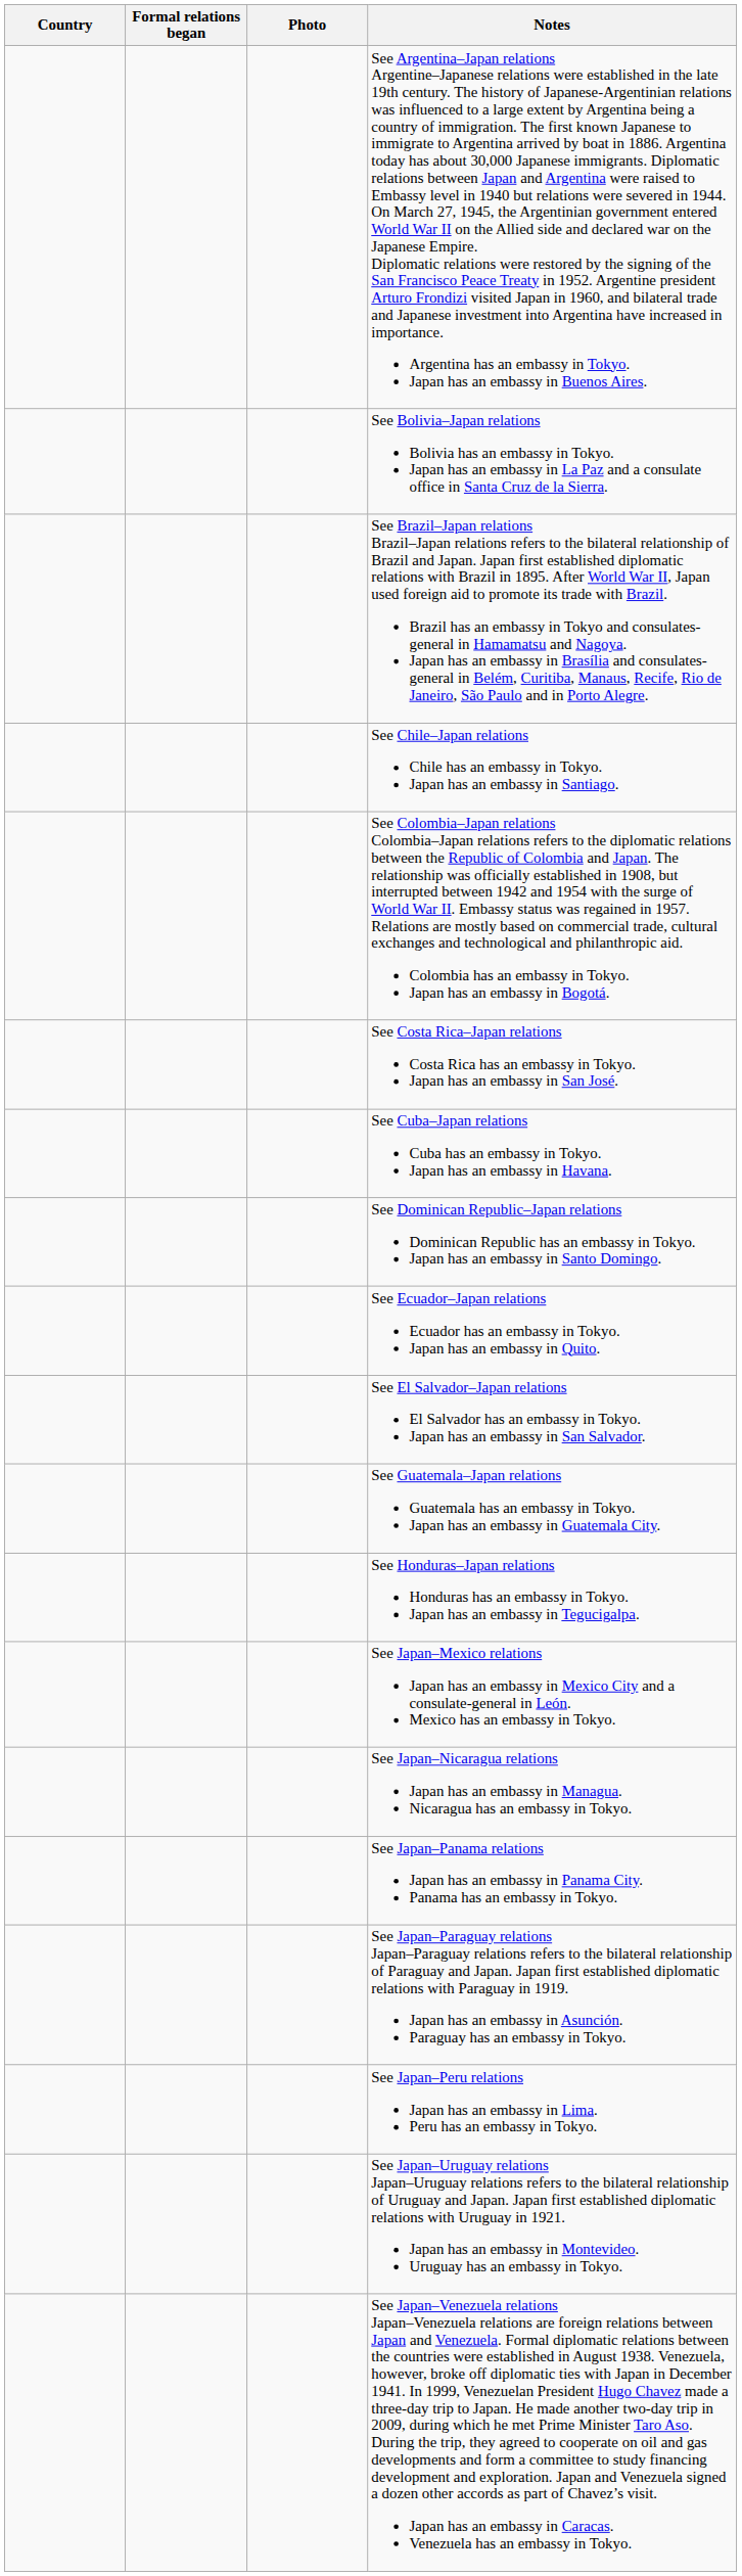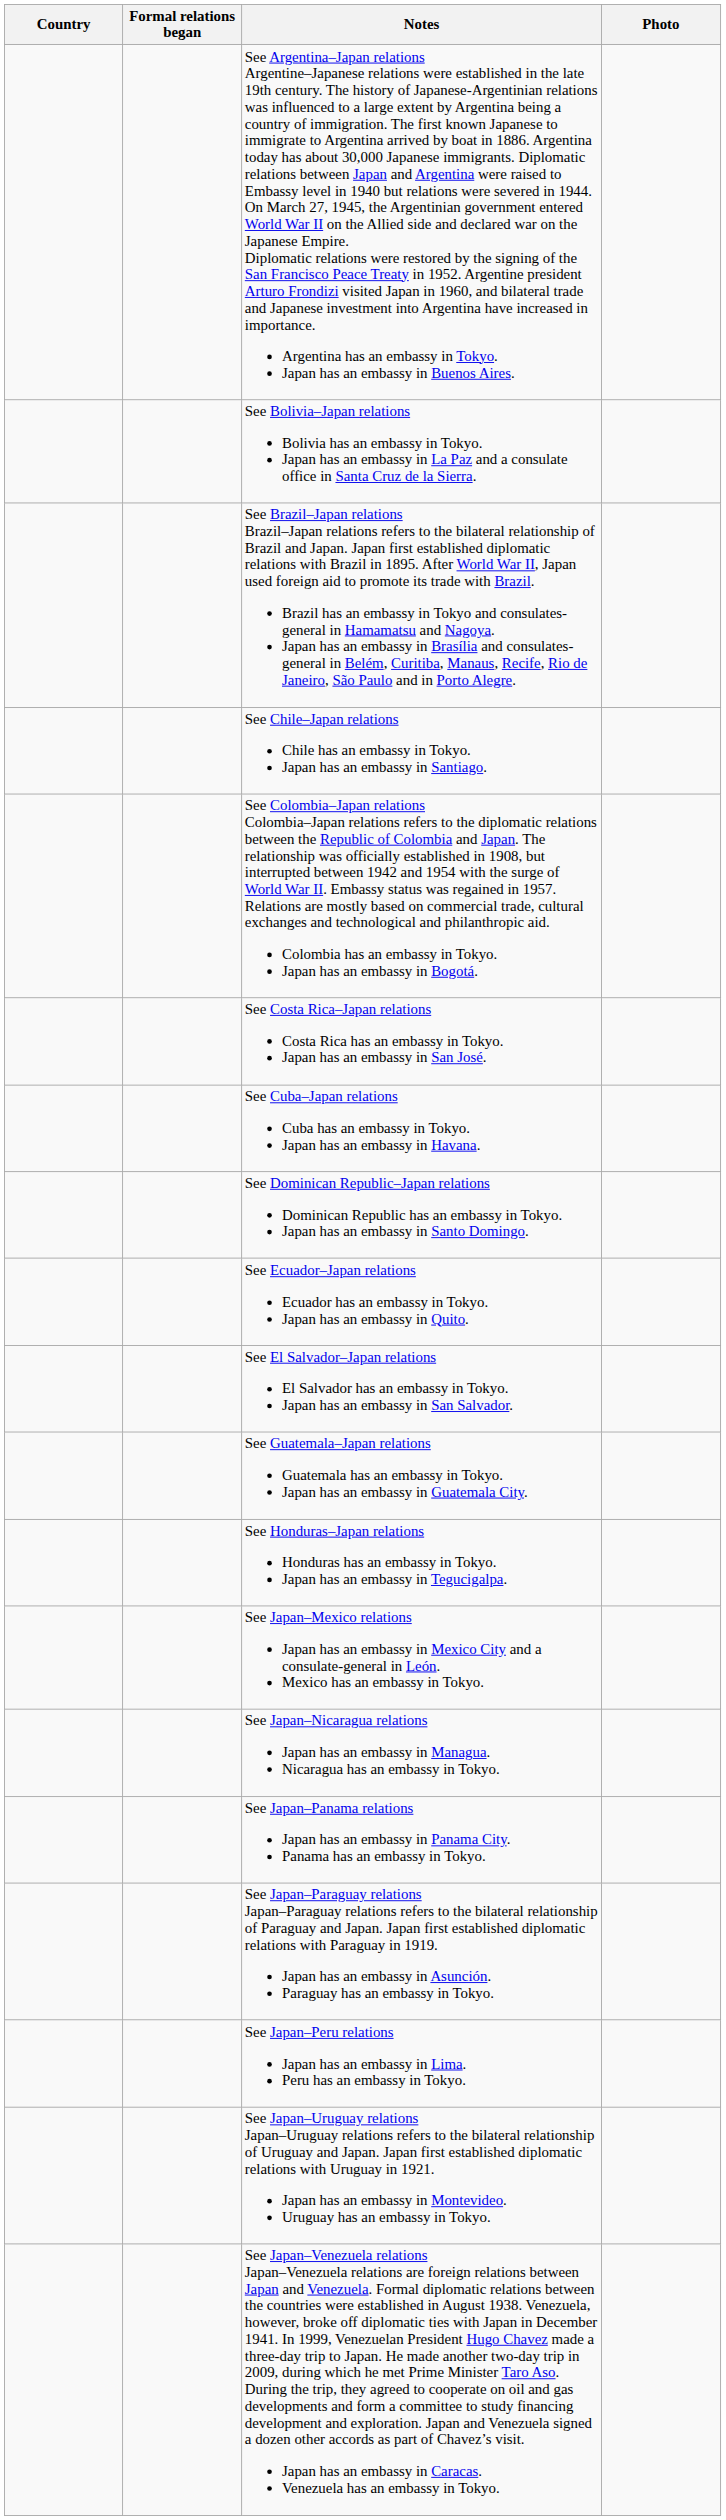 <table class="wikitable sortable">
 <tr>
 <th width=120px>Country</th>
 <th width=120px>Formal relations began</th>
+<th width=380px>Notes</th>
 <th width=120px>Photo</th>
-<th width=380px>Notes</th>
 </tr>
 <tr>
 <td></td>
 <td></td>
+<td>See <a href='#'>Argentina–Japan relations</a><br>Argentine–Japanese relations were established in the late 19th century. The history of Japanese-Argentinian relations was influenced to a large extent by Argentina being a country of immigration. The first known Japanese to immigrate to Argentina arrived by boat in 1886. Argentina today has about 30,000 Japanese immigrants. Diplomatic relations between <a href='#'>Japan</a> and <a href='#'>Argentina</a> were raised to Embassy level in 1940 but relations were severed in 1944. On March 27, 1945, the Argentinian government entered <a href='#'>World War II</a> on the Allied side and declared war on the Japanese Empire.<br>Diplomatic relations were restored by the signing of the <a href='#'>San Francisco Peace Treaty</a> in 1952. Argentine president <a href='#'>Arturo Frondizi</a> visited Japan in 1960, and bilateral trade and Japanese investment into Argentina have increased in importance.<ul><li>Argentina has an embassy in <a href='#'>Tokyo</a>.</li><li>Japan has an embassy in <a href='#'>Buenos Aires</a>.</li></ul></td>
 <td></td>
-<td>See <a href='#'>Argentina–Japan relations</a><br>Argentine–Japanese relations were established in the late 19th century. The history of Japanese-Argentinian relations was influenced to a large extent by Argentina being a country of immigration. The first known Japanese to immigrate to Argentina arrived by boat in 1886. Argentina today has about 30,000 Japanese immigrants. Diplomatic relations between <a href='#'>Japan</a> and <a href='#'>Argentina</a> were raised to Embassy level in 1940 but relations were severed in 1944. On March 27, 1945, the Argentinian government entered <a href='#'>World War II</a> on the Allied side and declared war on the Japanese Empire.<br>Diplomatic relations were restored by the signing of the <a href='#'>San Francisco Peace Treaty</a> in 1952. Argentine president <a href='#'>Arturo Frondizi</a> visited Japan in 1960, and bilateral trade and Japanese investment into Argentina have increased in importance.<ul><li>Argentina has an embassy in <a href='#'>Tokyo</a>.</li><li>Japan has an embassy in <a href='#'>Buenos Aires</a>.</li></ul></td>
 </tr>
 <tr>
 <td></td>
 <td></td>
+<td>See <a href='#'>Bolivia–Japan relations</a><br><ul><li>Bolivia has an embassy in Tokyo.</li><li>Japan has an embassy in <a href='#'>La Paz</a> and a consulate office in <a href='#'>Santa Cruz de la Sierra</a>.</li></ul></td>
 <td></td>
-<td>See <a href='#'>Bolivia–Japan relations</a><br><ul><li>Bolivia has an embassy in Tokyo.</li><li>Japan has an embassy in <a href='#'>La Paz</a> and a consulate office in <a href='#'>Santa Cruz de la Sierra</a>.</li></ul></td>
 </tr>
 <tr>
 <td></td>
 <td></td>
+<td>See <a href='#'>Brazil–Japan relations</a><br>Brazil–Japan relations refers to the bilateral relationship of Brazil and Japan. Japan first established diplomatic relations with Brazil in 1895. After <a href='#'>World War II</a>, Japan used foreign aid to promote its trade with <a href='#'>Brazil</a>.<ul><li>Brazil has an embassy in Tokyo and consulates-general in <a href='#'>Hamamatsu</a> and <a href='#'>Nagoya</a>.</li><li>Japan has an embassy in <a href='#'>Brasília</a> and consulates-general in <a href='#'>Belém</a>, <a href='#'>Curitiba</a>, <a href='#'>Manaus</a>, <a href='#'>Recife</a>, <a href='#'>Rio de Janeiro</a>, <a href='#'>São Paulo</a> and in <a href='#'>Porto Alegre</a>.</li></ul></td>
 <td></td>
-<td>See <a href='#'>Brazil–Japan relations</a><br>Brazil–Japan relations refers to the bilateral relationship of Brazil and Japan. Japan first established diplomatic relations with Brazil in 1895. After <a href='#'>World War II</a>, Japan used foreign aid to promote its trade with <a href='#'>Brazil</a>.<ul><li>Brazil has an embassy in Tokyo and consulates-general in <a href='#'>Hamamatsu</a> and <a href='#'>Nagoya</a>.</li><li>Japan has an embassy in <a href='#'>Brasília</a> and consulates-general in <a href='#'>Belém</a>, <a href='#'>Curitiba</a>, <a href='#'>Manaus</a>, <a href='#'>Recife</a>, <a href='#'>Rio de Janeiro</a>, <a href='#'>São Paulo</a> and in <a href='#'>Porto Alegre</a>.</li></ul></td>
 </tr>
 <tr>
 <td></td>
 <td></td>
+<td>See <a href='#'>Chile–Japan relations</a><br><ul><li>Chile has an embassy in Tokyo.</li><li>Japan has an embassy in <a href='#'>Santiago</a>.</li></ul></td>
 <td></td>
-<td>See <a href='#'>Chile–Japan relations</a><br><ul><li>Chile has an embassy in Tokyo.</li><li>Japan has an embassy in <a href='#'>Santiago</a>.</li></ul></td>
 </tr>
 <tr>
 <td></td>
 <td></td>
+<td>See <a href='#'>Colombia–Japan relations</a><br>Colombia–Japan relations refers to the diplomatic relations between the <a href='#'>Republic of Colombia</a> and <a href='#'>Japan</a>. The relationship was officially established in 1908, but interrupted between 1942 and 1954 with the surge of <a href='#'>World War II</a>. Embassy status was regained in 1957. Relations are mostly based on commercial trade, cultural exchanges and technological and philanthropic aid.<ul><li>Colombia has an embassy in Tokyo.</li><li>Japan has an embassy in <a href='#'>Bogotá</a>.</li></ul></td>
 <td></td>
-<td>See <a href='#'>Colombia–Japan relations</a><br>Colombia–Japan relations refers to the diplomatic relations between the <a href='#'>Republic of Colombia</a> and <a href='#'>Japan</a>. The relationship was officially established in 1908, but interrupted between 1942 and 1954 with the surge of <a href='#'>World War II</a>. Embassy status was regained in 1957. Relations are mostly based on commercial trade, cultural exchanges and technological and philanthropic aid.<ul><li>Colombia has an embassy in Tokyo.</li><li>Japan has an embassy in <a href='#'>Bogotá</a>.</li></ul></td>
 </tr>
 <tr>
 <td></td>
 <td></td>
+<td>See <a href='#'>Costa Rica–Japan relations</a><br><ul><li>Costa Rica has an embassy in Tokyo.</li><li>Japan has an embassy in <a href='#'>San José</a>.</li></ul></td>
 <td></td>
-<td>See <a href='#'>Costa Rica–Japan relations</a><br><ul><li>Costa Rica has an embassy in Tokyo.</li><li>Japan has an embassy in <a href='#'>San José</a>.</li></ul></td>
 </tr>
 <tr>
 <td></td>
 <td></td>
+<td>See <a href='#'>Cuba–Japan relations</a><br><ul><li>Cuba has an embassy in Tokyo.</li><li>Japan has an embassy in <a href='#'>Havana</a>.</li></ul></td>
 <td></td>
-<td>See <a href='#'>Cuba–Japan relations</a><br><ul><li>Cuba has an embassy in Tokyo.</li><li>Japan has an embassy in <a href='#'>Havana</a>.</li></ul></td>
 </tr>
 <tr>
 <td></td>
 <td></td>
+<td>See <a href='#'>Dominican Republic–Japan relations</a><br><ul><li>Dominican Republic has an embassy in Tokyo.</li><li>Japan has an embassy in <a href='#'>Santo Domingo</a>.</li></ul></td>
 <td></td>
-<td>See <a href='#'>Dominican Republic–Japan relations</a><br><ul><li>Dominican Republic has an embassy in Tokyo.</li><li>Japan has an embassy in <a href='#'>Santo Domingo</a>.</li></ul></td>
 </tr>
 <tr>
 <td></td>
 <td></td>
+<td>See <a href='#'>Ecuador–Japan relations</a><br><ul><li>Ecuador has an embassy in Tokyo.</li><li>Japan has an embassy in <a href='#'>Quito</a>.</li></ul></td>
 <td></td>
-<td>See <a href='#'>Ecuador–Japan relations</a><br><ul><li>Ecuador has an embassy in Tokyo.</li><li>Japan has an embassy in <a href='#'>Quito</a>.</li></ul></td>
 </tr>
 <tr>
 <td></td>
 <td></td>
+<td>See <a href='#'>El Salvador–Japan relations</a><br><ul><li>El Salvador has an embassy in Tokyo.</li><li>Japan has an embassy in <a href='#'>San Salvador</a>.</li></ul></td>
 <td></td>
-<td>See <a href='#'>El Salvador–Japan relations</a><br><ul><li>El Salvador has an embassy in Tokyo.</li><li>Japan has an embassy in <a href='#'>San Salvador</a>.</li></ul></td>
 </tr>
 <tr>
 <td></td>
 <td></td>
+<td>See <a href='#'>Guatemala–Japan relations</a><br><ul><li>Guatemala has an embassy in Tokyo.</li><li>Japan has an embassy in <a href='#'>Guatemala City</a>.</li></ul></td>
 <td></td>
-<td>See <a href='#'>Guatemala–Japan relations</a><br><ul><li>Guatemala has an embassy in Tokyo.</li><li>Japan has an embassy in <a href='#'>Guatemala City</a>.</li></ul></td>
 </tr>
 <tr>
 <td></td>
 <td></td>
+<td>See <a href='#'>Honduras–Japan relations</a><br><ul><li>Honduras has an embassy in Tokyo.</li><li>Japan has an embassy in <a href='#'>Tegucigalpa</a>.</li></ul></td>
 <td></td>
-<td>See <a href='#'>Honduras–Japan relations</a><br><ul><li>Honduras has an embassy in Tokyo.</li><li>Japan has an embassy in <a href='#'>Tegucigalpa</a>.</li></ul></td>
 </tr>
 <tr>
 <td></td>
 <td></td>
+<td>See <a href='#'>Japan–Mexico relations</a><br><ul><li>Japan has an embassy in <a href='#'>Mexico City</a> and a consulate-general in <a href='#'>León</a>.</li><li>Mexico has an embassy in Tokyo.</li></ul></td>
 <td></td>
-<td>See <a href='#'>Japan–Mexico relations</a><br><ul><li>Japan has an embassy in <a href='#'>Mexico City</a> and a consulate-general in <a href='#'>León</a>.</li><li>Mexico has an embassy in Tokyo.</li></ul></td>
 </tr>
 <tr>
 <td></td>
 <td></td>
+<td>See <a href='#'>Japan–Nicaragua relations</a><br><ul><li>Japan has an embassy in <a href='#'>Managua</a>.</li><li>Nicaragua has an embassy in Tokyo.</li></ul></td>
 <td></td>
-<td>See <a href='#'>Japan–Nicaragua relations</a><br><ul><li>Japan has an embassy in <a href='#'>Managua</a>.</li><li>Nicaragua has an embassy in Tokyo.</li></ul></td>
 </tr>
 <tr>
 <td></td>
 <td></td>
+<td>See <a href='#'>Japan–Panama relations</a><br><ul><li>Japan has an embassy in <a href='#'>Panama City</a>.</li><li>Panama has an embassy in Tokyo.</li></ul></td>
 <td></td>
-<td>See <a href='#'>Japan–Panama relations</a><br><ul><li>Japan has an embassy in <a href='#'>Panama City</a>.</li><li>Panama has an embassy in Tokyo.</li></ul></td>
 </tr>
 <tr>
 <td></td>
 <td></td>
+<td>See <a href='#'>Japan–Paraguay relations</a><br>Japan–Paraguay relations refers to the bilateral relationship of Paraguay and Japan. Japan first established diplomatic relations with Paraguay in 1919.<ul><li>Japan has an embassy in <a href='#'>Asunción</a>.</li><li>Paraguay has an embassy in Tokyo.</li></ul></td>
 <td></td>
-<td>See <a href='#'>Japan–Paraguay relations</a><br>Japan–Paraguay relations refers to the bilateral relationship of Paraguay and Japan. Japan first established diplomatic relations with Paraguay in 1919.<ul><li>Japan has an embassy in <a href='#'>Asunción</a>.</li><li>Paraguay has an embassy in Tokyo.</li></ul></td>
 </tr>
 <tr>
 <td></td>
 <td></td>
+<td>See <a href='#'>Japan–Peru relations</a><br><ul><li>Japan has an embassy in <a href='#'>Lima</a>.</li><li>Peru has an embassy in Tokyo.</li></ul></td>
 <td></td>
-<td>See <a href='#'>Japan–Peru relations</a><br><ul><li>Japan has an embassy in <a href='#'>Lima</a>.</li><li>Peru has an embassy in Tokyo.</li></ul></td>
 </tr>
 <tr>
 <td></td>
 <td></td>
+<td>See <a href='#'>Japan–Uruguay relations</a><br>Japan–Uruguay relations refers to the bilateral relationship of Uruguay and Japan. Japan first established diplomatic relations with Uruguay in 1921.<ul><li>Japan has an embassy in <a href='#'>Montevideo</a>.</li><li>Uruguay has an embassy in Tokyo.</li></ul></td>
 <td></td>
-<td>See <a href='#'>Japan–Uruguay relations</a><br>Japan–Uruguay relations refers to the bilateral relationship of Uruguay and Japan. Japan first established diplomatic relations with Uruguay in 1921.<ul><li>Japan has an embassy in <a href='#'>Montevideo</a>.</li><li>Uruguay has an embassy in Tokyo.</li></ul></td>
 </tr>
 <tr>
 <td></td>
 <td></td>
+<td>See <a href='#'>Japan–Venezuela relations</a><br>Japan–Venezuela relations are foreign relations between <a href='#'>Japan</a> and <a href='#'>Venezuela</a>. Formal diplomatic relations between the countries were established in August 1938.  Venezuela, however, broke off diplomatic ties with Japan in December 1941. In 1999, Venezuelan President <a href='#'>Hugo Chavez</a> made a three-day trip to Japan. He made another two-day trip in 2009, during which he met Prime Minister <a href='#'>Taro Aso</a>. During the trip, they agreed to cooperate on oil and gas developments and form a committee to study financing development and exploration. Japan and Venezuela signed a dozen other accords as part of Chavez’s visit.<ul><li>Japan has an embassy in <a href='#'>Caracas</a>.</li><li>Venezuela has an embassy in Tokyo.</li></ul></td>
 <td></td>
-<td>See <a href='#'>Japan–Venezuela relations</a><br>Japan–Venezuela relations are foreign relations between <a href='#'>Japan</a> and <a href='#'>Venezuela</a>. Formal diplomatic relations between the countries were established in August 1938.  Venezuela, however, broke off diplomatic ties with Japan in December 1941. In 1999, Venezuelan President <a href='#'>Hugo Chavez</a> made a three-day trip to Japan. He made another two-day trip in 2009, during which he met Prime Minister <a href='#'>Taro Aso</a>. During the trip, they agreed to cooperate on oil and gas developments and form a committee to study financing development and exploration. Japan and Venezuela signed a dozen other accords as part of Chavez’s visit.<ul><li>Japan has an embassy in <a href='#'>Caracas</a>.</li><li>Venezuela has an embassy in Tokyo.</li></ul></td>
 </tr>
 </table>
